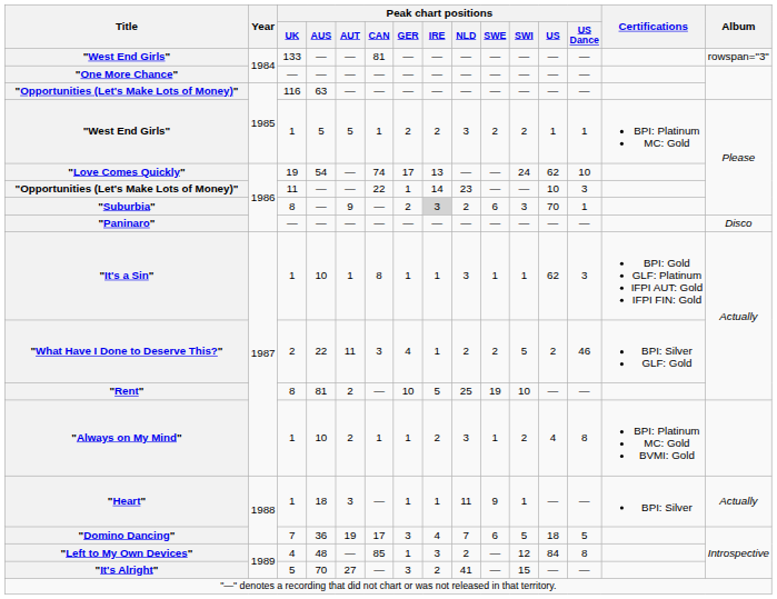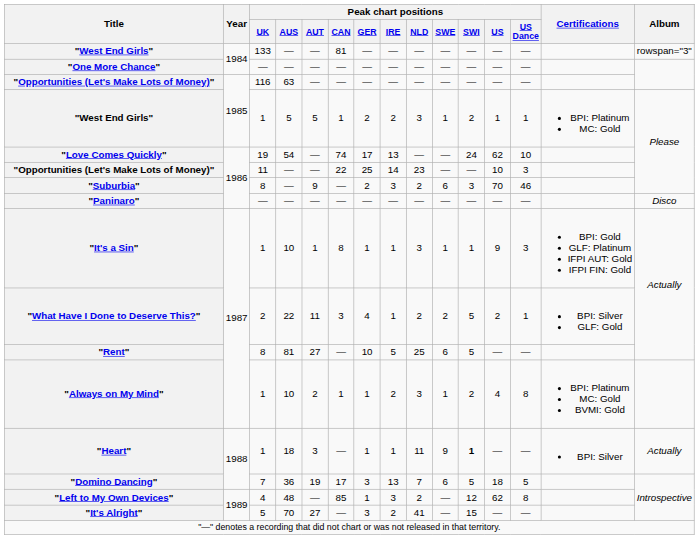 <table class="wikitable plainrowheaders" style="text-align:center">
 <tr>
 <th scope="col" rowspan="2" style="width:22em;">Title</th>
 <th scope="col" rowspan="2">Year</th>
 <th colspan="11" scope="col">Peak chart positions</th>
 <th scope="col" rowspan="2"><a href='#'>Certifications</a></th>
 <th scope="col" rowspan="2">Album</th>
 </tr>
 <tr>
 <th scope="col" style="width:2.5em;font-size:90%;"><a href='#'>UK</a><br></th>
 <th scope="col" style="width:2.5em;font-size:90%;"><a href='#'>AUS</a><br></th>
 <th scope="col" style="width:2.5em;font-size:90%;"><a href='#'>AUT</a><br></th>
 <th scope="col" style="width:2.5em;font-size:90%;"><a href='#'>CAN</a><br></th>
 <th scope="col" style="width:2.5em;font-size:90%;"><a href='#'>GER</a><br></th>
 <th scope="col" style="width:2.5em;font-size:90%;"><a href='#'>IRE</a><br></th>
 <th scope="col" style="width:2.5em;font-size:90%;"><a href='#'>NLD</a><br></th>
 <th scope="col" style="width:2.5em;font-size:90%;"><a href='#'>SWE</a><br></th>
 <th scope="col" style="width:2.5em;font-size:90%;"><a href='#'>SWI</a><br></th>
 <th scope="col" style="width:2.5em;font-size:90%;"><a href='#'>US</a><br></th>
 <th scope="col" style="width:2.5em;font-size:90%;"><a href='#'>US<br>Dance</a><br></th>
 </tr>
 <tr>
 <th scope="row">"<a href='#'>West End Girls</a>" </th>
 <td rowspan="2">1984</td>
 <td>133</td>
 <td>—</td>
 <td>—</td>
 <td>81</td>
 <td>—</td>
 <td>—</td>
 <td>—</td>
 <td>—</td>
 <td>—</td>
 <td>—</td>
 <td>—</td>
 <td></td>
 <td>rowspan="3" </td>
 </tr>
 <tr>
 <th scope="row">"<a href='#'>One More Chance</a>"</th>
 <td>—</td>
 <td>—</td>
 <td>—</td>
 <td>—</td>
 <td>—</td>
 <td>—</td>
 <td>—</td>
 <td>—</td>
 <td>—</td>
 <td>—</td>
 <td>—</td>
 <td></td>
 </tr>
 <tr>
 <th scope="row">"<a href='#'>Opportunities (Let's Make Lots of Money)</a>" </th>
 <td rowspan="2">1985</td>
 <td>116</td>
 <td>63</td>
 <td>—</td>
 <td>—</td>
 <td>—</td>
 <td>—</td>
 <td>—</td>
 <td>—</td>
 <td>—</td>
 <td>—</td>
 <td>—</td>
 <td></td>
 </tr>
 <tr>
 <th scope="row">"West End Girls" </th>
 <td>1</td>
 <td>5</td>
 <td>5</td>
 <td>1</td>
 <td>2</td>
 <td>2</td>
 <td>3</td>
-<td>2</td>
+<td>1</td>
 <td>2</td>
 <td>1</td>
 <td>1</td>
 <td><br><ul><li>BPI: Platinum</li><li>MC: Gold</li></ul></td>
 <td rowspan="4"><em>Please</em></td>
 </tr>
 <tr>
 <th scope="row">"<a href='#'>Love Comes Quickly</a>"</th>
 <td rowspan="4">1986</td>
 <td>19</td>
 <td>54</td>
 <td>—</td>
 <td>74</td>
 <td>17</td>
 <td>13</td>
 <td>—</td>
 <td>—</td>
 <td>24</td>
 <td>62</td>
 <td>10</td>
 <td></td>
 </tr>
 <tr>
 <th scope="row">"Opportunities (Let's Make Lots of Money)" </th>
 <td>11</td>
 <td>—</td>
 <td>—</td>
 <td>22</td>
-<td>1</td>
+<td>25</td>
 <td>14</td>
 <td>23</td>
 <td>—</td>
 <td>—</td>
 <td>10</td>
 <td>3</td>
 <td></td>
 </tr>
 <tr>
 <th scope="row">"<a href='#'>Suburbia</a>"</th>
 <td>8</td>
 <td>—</td>
 <td>9</td>
 <td>—</td>
 <td>2</td>
-<td style="background: lightgrey;">3</td>
+<td>3</td>
 <td>2</td>
 <td>6</td>
 <td>3</td>
 <td>70</td>
-<td>1</td>
+<td>46</td>
 <td></td>
 </tr>
 <tr>
 <th scope="row">"<a href='#'>Paninaro</a>"</th>
 <td>—</td>
 <td>—</td>
 <td>—</td>
 <td>—</td>
 <td>—</td>
 <td>—</td>
 <td>—</td>
 <td>—</td>
 <td>—</td>
 <td>—</td>
 <td>—</td>
 <td></td>
 <td><em>Disco</em></td>
 </tr>
 <tr>
 <th scope="row">"<a href='#'>It's a Sin</a>"</th>
 <td rowspan="4">1987</td>
 <td>1</td>
 <td>10</td>
 <td>1</td>
 <td>8</td>
 <td>1</td>
 <td>1</td>
 <td>3</td>
 <td>1</td>
 <td>1</td>
-<td>62</td>
+<td>9</td>
 <td>3</td>
 <td><br><ul><li>BPI: Gold</li><li>GLF: Platinum</li><li>IFPI AUT: Gold</li><li>IFPI FIN: Gold</li></ul></td>
 <td rowspan="3"><em>Actually</em></td>
 </tr>
 <tr>
 <th scope="row">"<a href='#'>What Have I Done to Deserve This?</a>"<br></th>
 <td>2</td>
 <td>22</td>
 <td>11</td>
 <td>3</td>
 <td>4</td>
 <td>1</td>
 <td>2</td>
 <td>2</td>
 <td>5</td>
 <td>2</td>
-<td>46</td>
+<td>1</td>
 <td><br><ul><li>BPI: Silver</li><li>GLF: Gold</li></ul></td>
 </tr>
 <tr>
 <th scope="row">"<a href='#'>Rent</a>"</th>
 <td>8</td>
 <td>81</td>
-<td>2</td>
+<td>27</td>
 <td>—</td>
 <td>10</td>
 <td>5</td>
 <td>25</td>
-<td>19</td>
-<td>10</td>
+<td>6</td>
+<td>5</td>
 <td>—</td>
 <td>—</td>
 <td></td>
 </tr>
 <tr>
 <th scope="row">"<a href='#'>Always on My Mind</a>"</th>
 <td>1</td>
 <td>10</td>
 <td>2</td>
 <td>1</td>
 <td>1</td>
 <td>2</td>
 <td>3</td>
 <td>1</td>
 <td>2</td>
 <td>4</td>
 <td>8</td>
 <td><br><ul><li>BPI: Platinum</li><li>MC: Gold</li><li>BVMI: Gold</li></ul></td>
 <td></td>
 </tr>
 <tr>
 <th scope="row">"<a href='#'>Heart</a>"</th>
 <td rowspan="2">1988</td>
 <td>1</td>
 <td>18</td>
 <td>3</td>
 <td>—</td>
 <td>1</td>
 <td>1</td>
 <td>11</td>
 <td>9</td>
-<td>1</td>
+<td><strong>1</strong></td>
 <td>—</td>
 <td>—</td>
 <td><br><ul><li>BPI: Silver</li></ul></td>
 <td><em>Actually</em></td>
 </tr>
 <tr>
 <th scope="row">"<a href='#'>Domino Dancing</a>"</th>
 <td>7</td>
 <td>36</td>
 <td>19</td>
 <td>17</td>
 <td>3</td>
-<td>4</td>
+<td>13</td>
 <td>7</td>
 <td>6</td>
 <td>5</td>
 <td>18</td>
 <td>5</td>
 <td></td>
 <td rowspan="3"><em>Introspective</em></td>
 </tr>
 <tr>
 <th scope="row">"<a href='#'>Left to My Own Devices</a>"</th>
 <td rowspan="2">1989</td>
 <td>4</td>
 <td>48</td>
 <td>—</td>
 <td>85</td>
 <td>1</td>
 <td>3</td>
 <td>2</td>
 <td>—</td>
 <td>12</td>
-<td>84</td>
+<td>62</td>
 <td>8</td>
 <td></td>
 </tr>
 <tr>
 <th scope="row">"<a href='#'>It's Alright</a>"</th>
 <td>5</td>
 <td>70</td>
 <td>27</td>
 <td>—</td>
 <td>3</td>
 <td>2</td>
 <td>41</td>
 <td>—</td>
 <td>15</td>
 <td>—</td>
 <td>—</td>
 <td></td>
 </tr>
 <tr>
 <td colspan="17" style="font-size:90%">"—" denotes a recording that did not chart or was not released in that territory.</td>
 </tr>
 </table>
